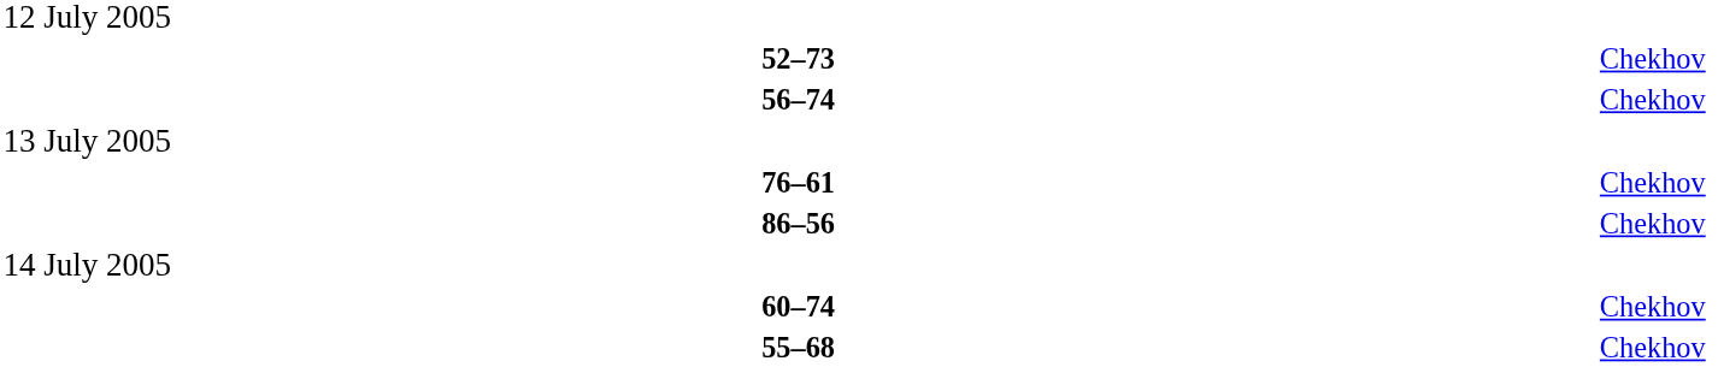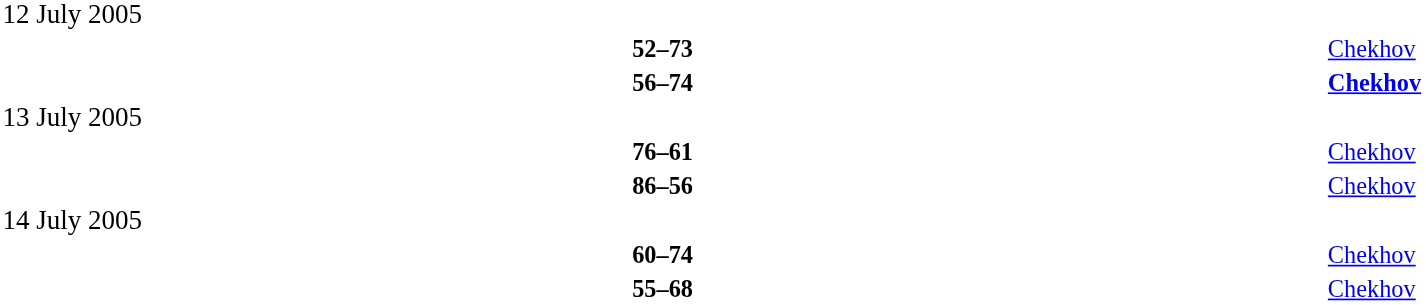 <table style="width:100%;" cellspacing="1">
 <tr>
 <th width=25%></th>
 <th width=3%></th>
 <th width=6%></th>
 <th width=3%></th>
 <th width=25%></th>
 </tr>
 <tr>
 <td>12 July 2005</td>
 </tr>
 <tr style=font-size:90%>
 <td align=right><strong></strong></td>
 <td></td>
 <td align=center><strong>52–73</strong></td>
 <td></td>
 <td><strong></strong></td>
 <td><a href='#'>Chekhov</a></td>
 </tr>
 <tr style=font-size:90%>
 <td align=right><strong></strong></td>
 <td></td>
 <td align=center><strong>56–74</strong></td>
 <td></td>
 <td><strong></strong></td>
-<td><a href='#'>Chekhov</a></td>
+<td><strong><a href='#'>Chekhov</a></strong></td>
 </tr>
 <tr>
 <td>13 July 2005</td>
 </tr>
 <tr style=font-size:90%>
 <td align=right><strong></strong></td>
 <td></td>
 <td align=center><strong>76–61</strong></td>
 <td></td>
 <td><strong></strong></td>
 <td><a href='#'>Chekhov</a></td>
 </tr>
 <tr style=font-size:90%>
 <td align=right><strong></strong></td>
 <td></td>
 <td align=center><strong>86–56</strong></td>
 <td></td>
 <td><strong></strong></td>
 <td><a href='#'>Chekhov</a></td>
 </tr>
 <tr>
 <td>14 July 2005</td>
 </tr>
 <tr style=font-size:90%>
 <td align=right><strong></strong></td>
 <td></td>
 <td align=center><strong>60–74</strong></td>
 <td></td>
 <td><strong></strong></td>
 <td><a href='#'>Chekhov</a></td>
 </tr>
 <tr style=font-size:90%>
 <td align=right><strong></strong></td>
 <td></td>
 <td align=center><strong>55–68</strong></td>
 <td></td>
 <td><strong></strong></td>
 <td><a href='#'>Chekhov</a></td>
 </tr>
 </table>
